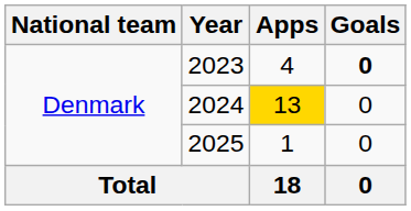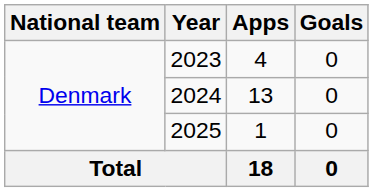 <table class="wikitable" style="text-align:center">
 <tr>
 <th>National team</th>
 <th>Year</th>
 <th>Apps</th>
 <th>Goals</th>
 </tr>
 <tr>
 <td rowspan=3><a href='#'>Denmark</a></td>
 <td>2023</td>
 <td>4</td>
-<td><strong>0</strong></td>
+<td>0</td>
 </tr>
 <tr>
 <td>2024</td>
-<td style="background: gold;">13</td>
+<td>13</td>
 <td>0</td>
 </tr>
 <tr>
 <td>2025</td>
 <td>1</td>
 <td>0</td>
 </tr>
 <tr>
 <th colspan=2>Total</th>
 <th>18</th>
 <th>0</th>
 </tr>
 </table>
